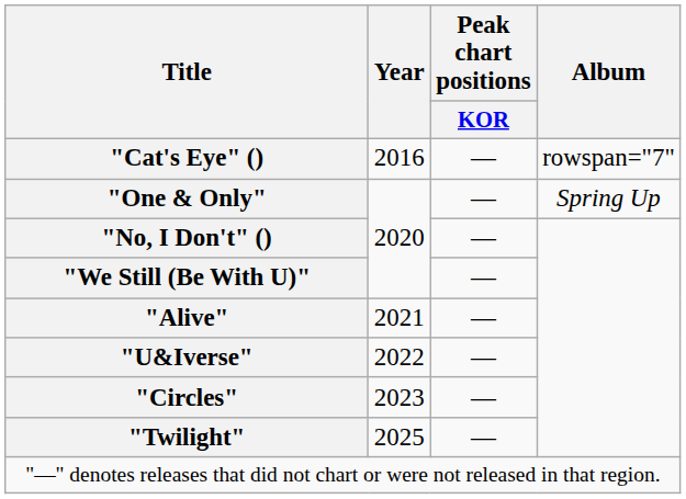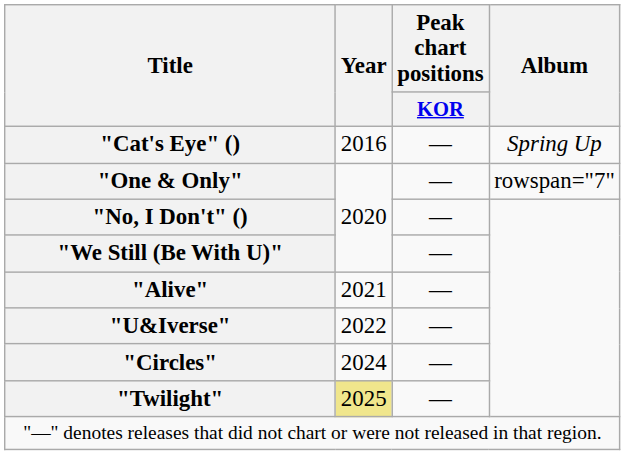 <table class="wikitable plainrowheaders" style="text-align:center;">
 <tr>
 <th scope="col" rowspan="2" style="width:14em;">Title</th>
 <th scope="col" rowspan="2" style="width:2em;">Year</th>
 <th scope="col">Peak chart positions</th>
 <th scope="col" rowspan="2">Album</th>
 </tr>
 <tr>
 <th scope="col" style="width:3em;font-size:90%;"><a href='#'>KOR</a><br></th>
 </tr>
 <tr>
 <th scope="row">"Cat's Eye" ()</th>
 <td>2016</td>
 <td>—</td>
-<td>rowspan="7" </td>
+<td><em>Spring Up</em></td>
 </tr>
 <tr>
 <th scope="row">"One & Only"</th>
 <td rowspan="3">2020</td>
 <td>—</td>
-<td><em>Spring Up</em></td>
+<td>rowspan="7" </td>
 </tr>
 <tr>
 <th scope="row">"No, I Don't" ()</th>
 <td>—</td>
 </tr>
 <tr>
 <th scope="row">"We Still (Be With U)"</th>
 <td>—</td>
 </tr>
 <tr>
 <th scope="row">"Alive"</th>
 <td>2021</td>
 <td>—</td>
 </tr>
 <tr>
 <th scope="row">"U&Iverse"</th>
 <td>2022</td>
 <td>—</td>
 </tr>
 <tr>
 <th scope="row">"Circles"</th>
-<td>2023</td>
+<td>2024</td>
 <td>—</td>
 </tr>
 <tr>
 <th scope="row">"Twilight"</th>
-<td>2025</td>
+<td style="background: khaki;">2025</td>
 <td>—</td>
 </tr>
 <tr>
 <td colspan="4" style="font-size:85%;">"—" denotes releases that did not chart or were not released in that region.</td>
 </tr>
 </table>
